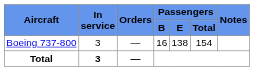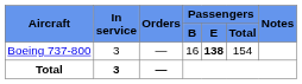 <table class="toccolours" border="1" cellpadding="3" style="margin:1em auto; border-collapse:collapse;text-align: center;">
 <tr style="background:#6495ed;">
 <th rowspan=2>Aircraft</th>
 <th rowspan=2 style="width:25px;">In <br> service</th>
 <th rowspan=2>Orders</th>
 <th colspan=3>Passengers</th>
 <th rowspan=2>Notes</th>
 </tr>
 <tr style="background:#6495ed;">
 <th><abbr>B</abbr></th>
 <th><abbr>E</abbr></th>
 <th>Total</th>
 </tr>
 <tr>
 <td><a href='#'>Boeing 737-800</a></td>
 <td>3</td>
 <td>—</td>
 <td>16</td>
-<td>138</td>
+<td><strong>138</strong></td>
 <td>154</td>
 <td></td>
 </tr>
 <tr>
 <th>Total</th>
 <th>3</th>
 <th>—</th>
 <th colspan=4></th>
 </tr>
 </table>
